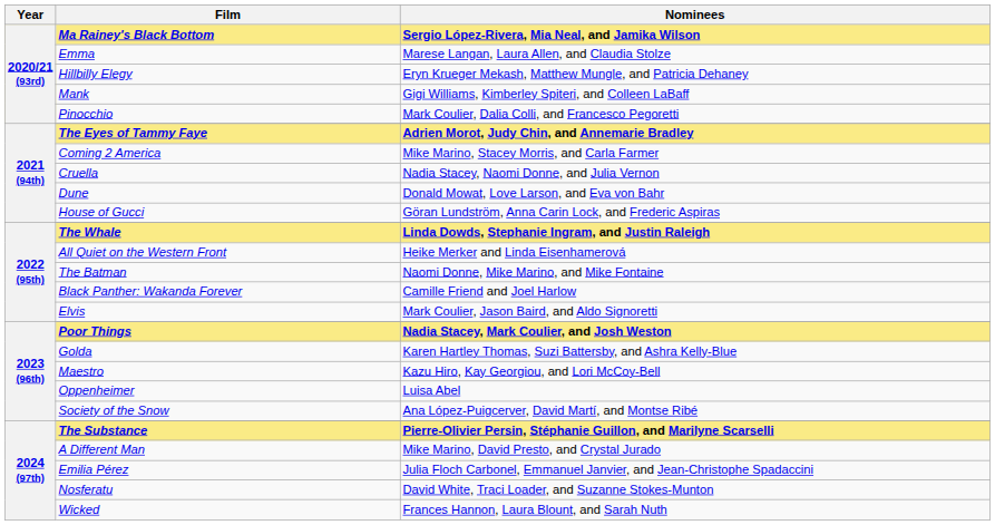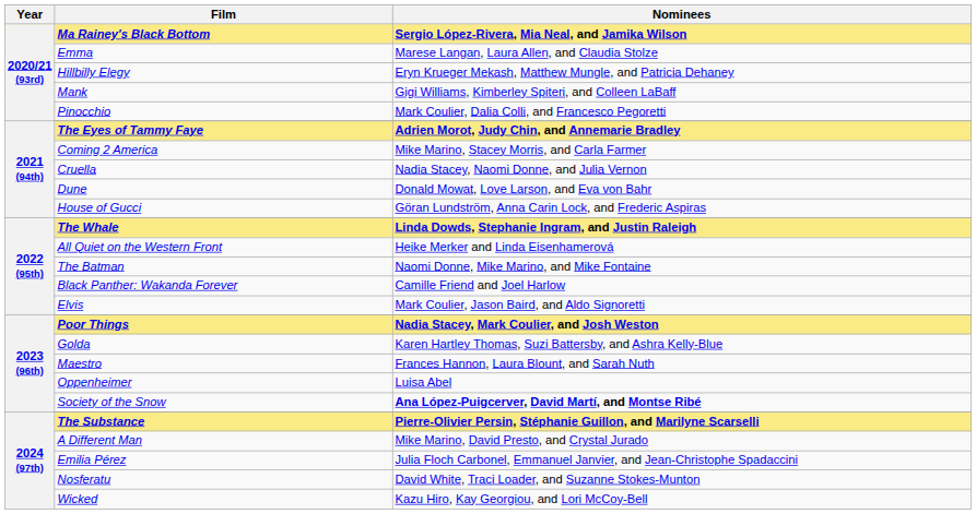 <table class="wikitable" style="width:100%">
 <tr bgcolor="#bebebe">
 <th width="5%">Year</th>
 <th width="35%">Film</th>
 <th width="60%">Nominees</th>
 </tr>
 <tr style="background:#FAEB86">
 <th rowspan="5"><a href='#'>2020/21</a><br><small><a href='#'>(93rd)</a></small> <br></th>
 <td><strong><em><a href='#'>Ma Rainey's Black Bottom</a></em></strong></td>
 <td><strong><a href='#'>Sergio López-Rivera</a>, <a href='#'>Mia Neal</a>, and <a href='#'>Jamika Wilson</a></strong></td>
 </tr>
 <tr>
 <td><em><a href='#'>Emma</a></em></td>
 <td><a href='#'>Marese Langan</a>, <a href='#'>Laura Allen</a>, and <a href='#'>Claudia Stolze</a></td>
 </tr>
 <tr>
 <td><em><a href='#'>Hillbilly Elegy</a></em></td>
 <td><a href='#'>Eryn Krueger Mekash</a>, <a href='#'>Matthew Mungle</a>, and <a href='#'>Patricia Dehaney</a></td>
 </tr>
 <tr>
 <td><em><a href='#'>Mank</a></em></td>
 <td><a href='#'>Gigi Williams</a>, <a href='#'>Kimberley Spiteri</a>, and <a href='#'>Colleen LaBaff</a></td>
 </tr>
 <tr>
 <td><em><a href='#'>Pinocchio</a></em></td>
 <td><a href='#'>Mark Coulier</a>, <a href='#'>Dalia Colli</a>, and <a href='#'>Francesco Pegoretti</a></td>
 </tr>
 <tr>
 <th rowspan="6" style="text-align:center"><a href='#'>2021</a><br><small><a href='#'>(94th)</a></small> <br></th>
 </tr>
 <tr style="background:#FAEB86">
 <td><strong><em><a href='#'>The Eyes of Tammy Faye</a></em></strong></td>
 <td><strong><a href='#'>Adrien Morot</a>, <a href='#'>Judy Chin</a>, and <a href='#'>Annemarie Bradley</a></strong></td>
 </tr>
 <tr>
 <td><em><a href='#'>Coming 2 America</a></em></td>
 <td><a href='#'>Mike Marino</a>, <a href='#'>Stacey Morris</a>, and <a href='#'>Carla Farmer</a></td>
 </tr>
 <tr>
 <td><em><a href='#'>Cruella</a></em></td>
 <td><a href='#'>Nadia Stacey</a>, <a href='#'>Naomi Donne</a>, and <a href='#'>Julia Vernon</a></td>
 </tr>
 <tr>
 <td><em><a href='#'>Dune</a></em></td>
 <td><a href='#'>Donald Mowat</a>, <a href='#'>Love Larson</a>, and <a href='#'>Eva von Bahr</a></td>
 </tr>
 <tr>
 <td><em><a href='#'>House of Gucci</a></em></td>
 <td><a href='#'>Göran Lundström</a>, <a href='#'>Anna Carin Lock</a>, and <a href='#'>Frederic Aspiras</a></td>
 </tr>
 <tr>
 <th rowspan="6" style="text-align:center"><a href='#'>2022</a><br><small><a href='#'>(95th)</a></small> <br></th>
 </tr>
 <tr style="background:#FAEB86">
 <td><strong><em><a href='#'>The Whale</a></em></strong></td>
 <td><strong><a href='#'>Linda Dowds</a>, <a href='#'>Stephanie Ingram</a>, and <a href='#'>Justin Raleigh</a></strong></td>
 </tr>
 <tr>
 <td><em><a href='#'>All Quiet on the Western Front</a></em></td>
 <td><a href='#'>Heike Merker</a> and <a href='#'>Linda Eisenhamerová</a></td>
 </tr>
 <tr>
 <td><em><a href='#'>The Batman</a></em></td>
 <td><a href='#'>Naomi Donne</a>, <a href='#'>Mike Marino</a>, and <a href='#'>Mike Fontaine</a></td>
 </tr>
 <tr>
 <td><em><a href='#'>Black Panther: Wakanda Forever</a></em></td>
 <td><a href='#'>Camille Friend</a> and <a href='#'>Joel Harlow</a></td>
 </tr>
 <tr>
 <td><em><a href='#'>Elvis</a></em></td>
 <td><a href='#'>Mark Coulier</a>, <a href='#'>Jason Baird</a>, and <a href='#'>Aldo Signoretti</a></td>
 </tr>
 <tr>
 <th rowspan="6" style="text-align:center"><a href='#'>2023</a><br><small><a href='#'>(96th)</a></small> <br></th>
 </tr>
 <tr style="background:#FAEB86">
 <td><strong><em><a href='#'>Poor Things</a></em></strong></td>
 <td><strong><a href='#'>Nadia Stacey</a>, <a href='#'>Mark Coulier</a>, and <a href='#'>Josh Weston</a></strong></td>
 </tr>
 <tr>
 <td><em><a href='#'>Golda</a></em></td>
 <td><a href='#'>Karen Hartley Thomas</a>, <a href='#'>Suzi Battersby</a>, and <a href='#'>Ashra Kelly-Blue</a></td>
 </tr>
 <tr>
 <td><em><a href='#'>Maestro</a></em></td>
-<td><a href='#'>Kazu Hiro</a>, <a href='#'>Kay Georgiou</a>, and <a href='#'>Lori McCoy-Bell</a></td>
+<td><a href='#'>Frances Hannon</a>, <a href='#'>Laura Blount</a>, and <a href='#'>Sarah Nuth</a></td>
 </tr>
 <tr>
 <td><em><a href='#'>Oppenheimer</a></em></td>
 <td><a href='#'>Luisa Abel</a></td>
 </tr>
 <tr>
 <td><em><a href='#'>Society of the Snow</a></em></td>
-<td><a href='#'>Ana López-Puigcerver</a>, <a href='#'>David Martí</a>, and <a href='#'>Montse Ribé</a></td>
+<td><strong><a href='#'>Ana López-Puigcerver</a>, <a href='#'>David Martí</a>, and <a href='#'>Montse Ribé</a></strong></td>
 </tr>
 <tr>
 <th rowspan="7" style="text-align:center"><a href='#'>2024</a><br><small><a href='#'>(97th)</a></small> <br></th>
 </tr>
 <tr style="background:#FAEB86">
 <td><strong><em><a href='#'>The Substance</a></em></strong></td>
 <td><strong><a href='#'>Pierre-Olivier Persin</a>, <a href='#'>Stéphanie Guillon</a>, and <a href='#'>Marilyne Scarselli</a></strong></td>
 </tr>
 <tr>
 <td><em><a href='#'>A Different Man</a></em></td>
 <td><a href='#'>Mike Marino</a>, <a href='#'>David Presto</a>, and <a href='#'>Crystal Jurado</a></td>
 </tr>
 <tr>
 <td><em><a href='#'>Emilia Pérez</a></em></td>
 <td><a href='#'>Julia Floch Carbonel</a>, <a href='#'>Emmanuel Janvier</a>, and <a href='#'>Jean-Christophe Spadaccini</a></td>
 </tr>
 <tr>
 <td><em><a href='#'>Nosferatu</a></em></td>
 <td><a href='#'>David White</a>, <a href='#'>Traci Loader</a>, and <a href='#'>Suzanne Stokes-Munton</a></td>
 </tr>
 <tr>
 <td><em><a href='#'>Wicked</a></em></td>
-<td><a href='#'>Frances Hannon</a>, <a href='#'>Laura Blount</a>, and <a href='#'>Sarah Nuth</a></td>
+<td><a href='#'>Kazu Hiro</a>, <a href='#'>Kay Georgiou</a>, and <a href='#'>Lori McCoy-Bell</a></td>
 </tr>
 </table>
